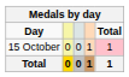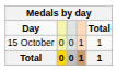 <table class="wikitable" style="font-size:85%; float:right">
 <tr align=center>
 <th colspan=5><strong>Medals by day</strong></th>
 </tr>
 <tr align=center>
 <td><strong>Day</strong></td>
 <td bgcolor=#f7f6a8></td>
 <td bgcolor=#dce5e5></td>
 <td bgcolor=#ffdab9></td>
 <td><strong>Total</strong></td>
 </tr>
 <tr align=center>
 <td>15 October</td>
 <td bgcolor=#f7f6a8>0</td>
 <td bgcolor=#dce5e5>0</td>
 <td bgcolor=#ffdab9>1</td>
-<td style="background: pink;">1</td>
+<td>1</td>
 </tr>
 <tr align=center>
 <th bgcolor=#efefef><strong>Total</strong></th>
 <th style="background:gold;"><strong>0</strong></th>
 <th style="background:silver;"><strong>0</strong></th>
 <th style="background:#c96;"><strong>1</strong></th>
 <th><strong>1</strong></th>
 </tr>
 </table>
